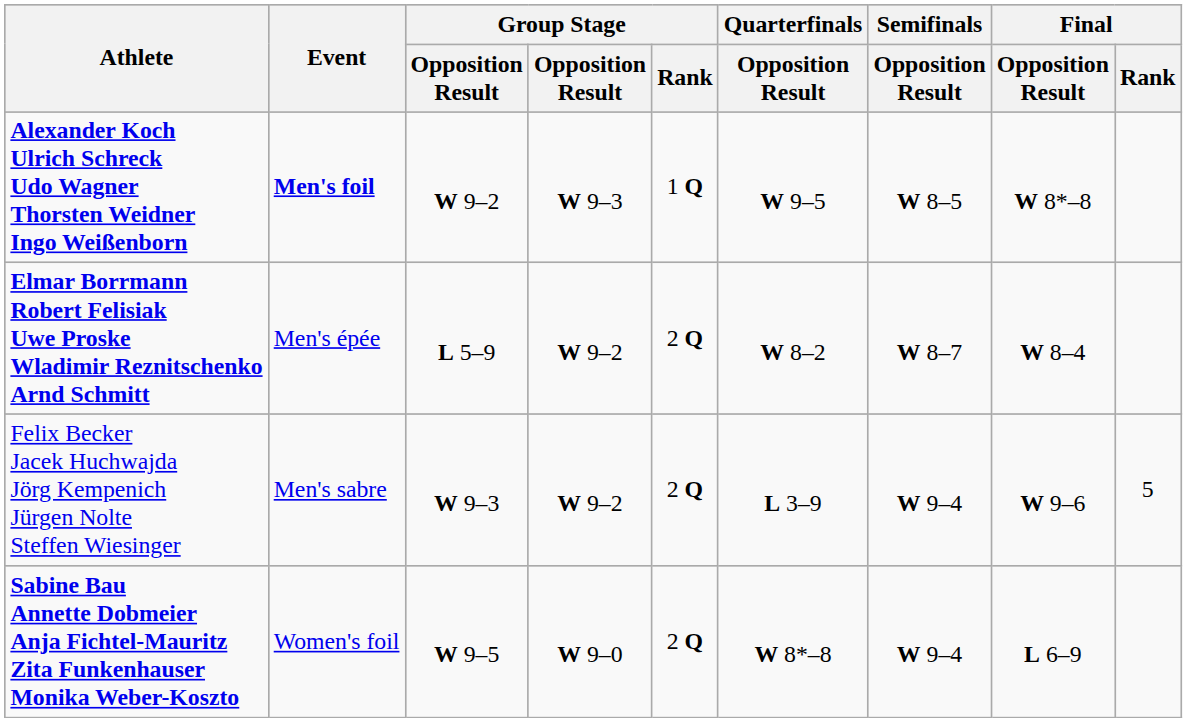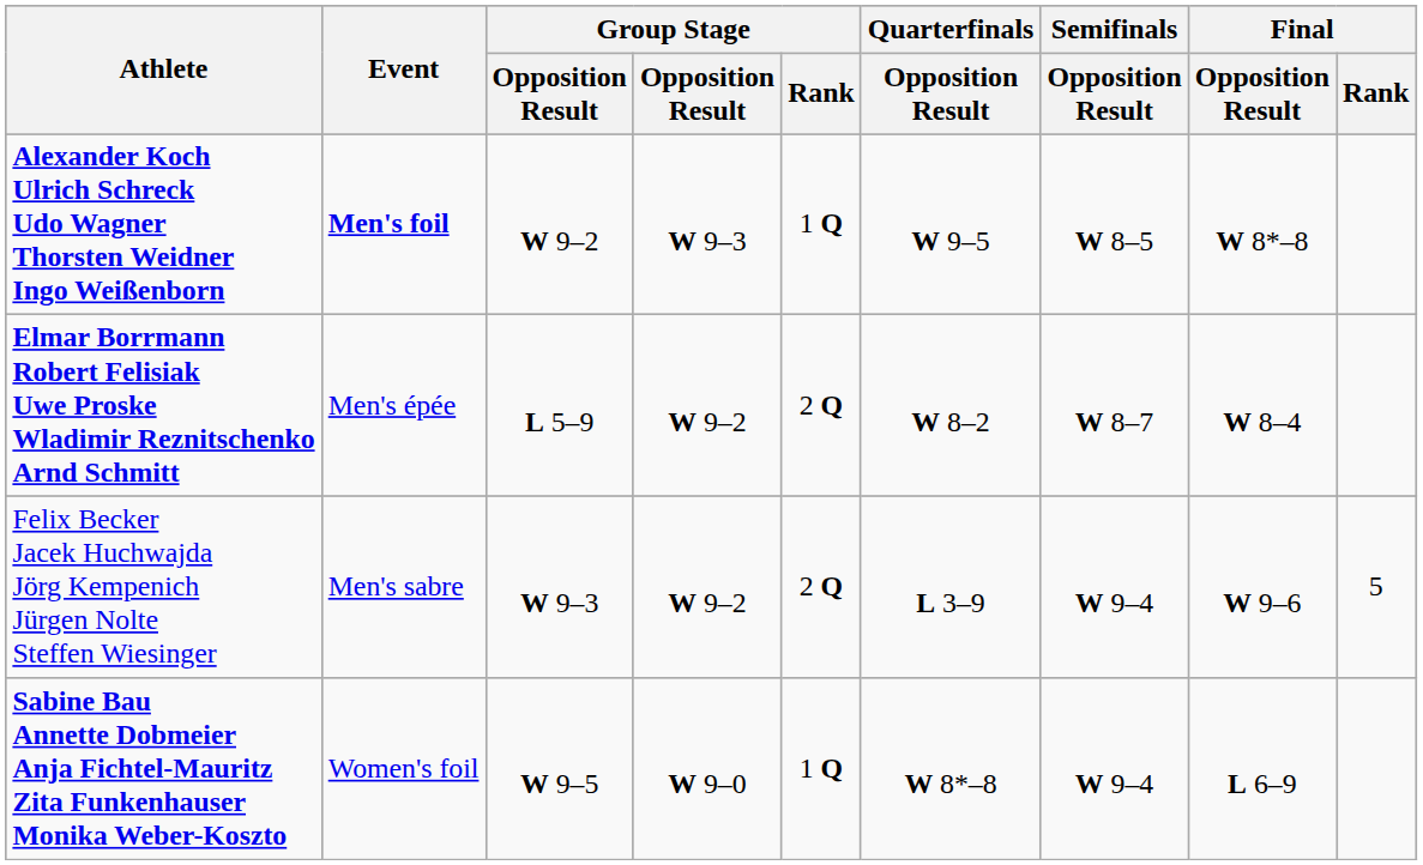 <table class=wikitable style="font-size:90%">
 <tr>
 <th rowspan="2">Athlete</th>
 <th rowspan="2">Event</th>
 <th colspan="3">Group Stage</th>
 <th>Quarterfinals</th>
 <th>Semifinals</th>
 <th colspan="2">Final</th>
 </tr>
 <tr>
 <th>Opposition<br>Result</th>
 <th>Opposition<br>Result</th>
 <th>Rank</th>
 <th>Opposition<br>Result</th>
 <th>Opposition<br>Result</th>
 <th>Opposition<br>Result</th>
 <th>Rank</th>
 </tr>
 <tr align=center>
 <td align=left><strong><a href='#'>Alexander Koch</a><br><a href='#'>Ulrich Schreck</a><br><a href='#'>Udo Wagner</a><br><a href='#'>Thorsten Weidner</a><br><a href='#'>Ingo Weißenborn</a></strong></td>
 <td align=left><strong><a href='#'>Men's foil</a></strong></td>
 <td><br><strong>W</strong> 9–2</td>
 <td><br><strong>W</strong> 9–3</td>
 <td>1 <strong>Q</strong></td>
 <td><br><strong>W</strong> 9–5</td>
 <td><br><strong>W</strong> 8–5</td>
 <td><br><strong>W</strong> 8*–8</td>
 <td></td>
 </tr>
 <tr align=center>
 <td align=left><strong><a href='#'>Elmar Borrmann</a><br><a href='#'>Robert Felisiak</a><br><a href='#'>Uwe Proske</a><br><a href='#'>Wladimir Reznitschenko</a><br><a href='#'>Arnd Schmitt</a></strong></td>
 <td align=left><a href='#'>Men's épée</a></td>
 <td><br><strong>L</strong> 5–9</td>
 <td><br><strong>W</strong> 9–2</td>
 <td>2 <strong>Q</strong></td>
 <td><br><strong>W</strong> 8–2</td>
 <td><br><strong>W</strong> 8–7</td>
 <td><br><strong>W</strong> 8–4</td>
 <td></td>
 </tr>
 <tr align=center>
 <td align=left><a href='#'>Felix Becker</a><br><a href='#'>Jacek Huchwajda</a><br><a href='#'>Jörg Kempenich</a><br><a href='#'>Jürgen Nolte</a><br><a href='#'>Steffen Wiesinger</a></td>
 <td align=left><a href='#'>Men's sabre</a></td>
 <td><br><strong>W</strong> 9–3</td>
 <td><br><strong>W</strong> 9–2</td>
 <td>2 <strong>Q</strong></td>
 <td><br><strong>L</strong> 3–9</td>
 <td><br><strong>W</strong> 9–4</td>
 <td><br><strong>W</strong> 9–6</td>
 <td>5</td>
 </tr>
 <tr align=center>
 <td align=left><strong><a href='#'>Sabine Bau</a><br><a href='#'>Annette Dobmeier</a><br><a href='#'>Anja Fichtel-Mauritz</a><br><a href='#'>Zita Funkenhauser</a><br><a href='#'>Monika Weber-Koszto</a></strong></td>
 <td align=left><a href='#'>Women's foil</a></td>
 <td><br><strong>W</strong> 9–5</td>
 <td><br><strong>W</strong> 9–0</td>
-<td>2 <strong>Q</strong></td>
+<td>1 <strong>Q</strong></td>
 <td><br><strong>W</strong> 8*–8</td>
 <td><br><strong>W</strong> 9–4</td>
 <td><br><strong>L</strong> 6–9</td>
 <td></td>
 </tr>
 </table>
